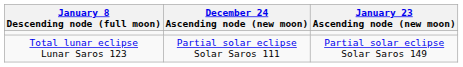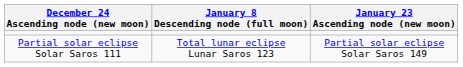 <table class="wikitable">
 <tr>
+<th><a href='#'>December 24</a><br>Ascending node (new moon)</th>
 <th><a href='#'>January 8</a><br>Descending node (full moon)</th>
-<th><a href='#'>December 24</a><br>Ascending node (new moon)</th>
 <th><a href='#'>January 23</a><br>Ascending node (new moon)</th>
 </tr>
 <tr>
 <td></td>
 <td></td>
 <td></td>
 </tr>
 <tr align=center>
+<td><a href='#'>Partial solar eclipse</a><br>Solar Saros 111</td>
 <td><a href='#'>Total lunar eclipse</a><br>Lunar Saros 123</td>
-<td><a href='#'>Partial solar eclipse</a><br>Solar Saros 111</td>
 <td><a href='#'>Partial solar eclipse</a><br>Solar Saros 149</td>
 </tr>
 </table>
